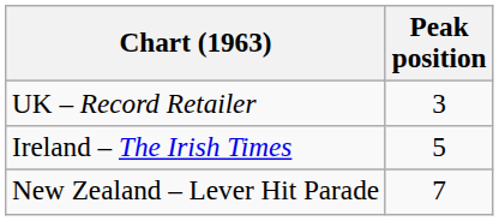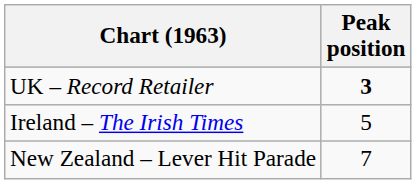 <table class="wikitable sortable">
 <tr>
 <th align="left">Chart (1963)</th>
 <th style="text-align:center;">Peak<br>position</th>
 </tr>
 <tr>
 <td align="left">UK – <em>Record Retailer</em></td>
-<td style="text-align:center;">3</td>
+<td style="text-align:center;"><strong>3</strong></td>
 </tr>
 <tr>
 <td align="left">Ireland – <em><a href='#'>The Irish Times</a></em></td>
 <td style="text-align:center;">5</td>
 </tr>
 <tr>
 <td align="left">New Zealand – Lever Hit Parade</td>
 <td style="text-align:center;">7</td>
 </tr>
 </table>
